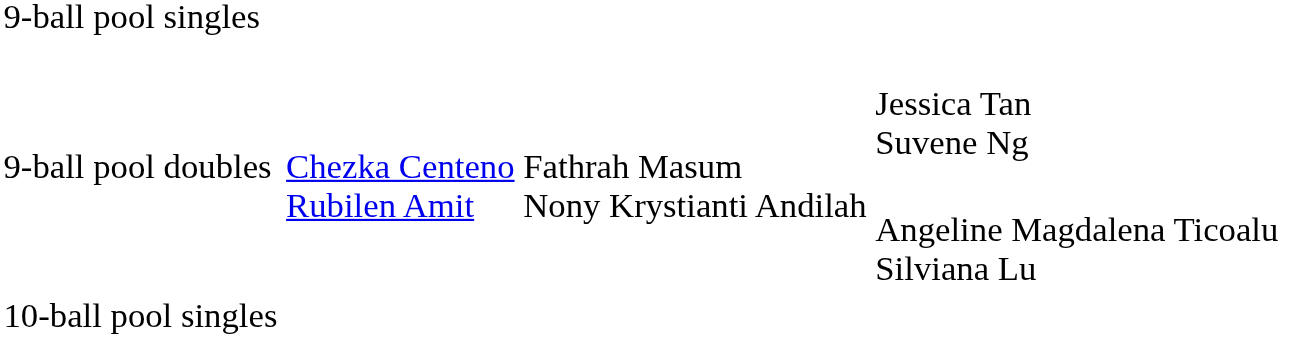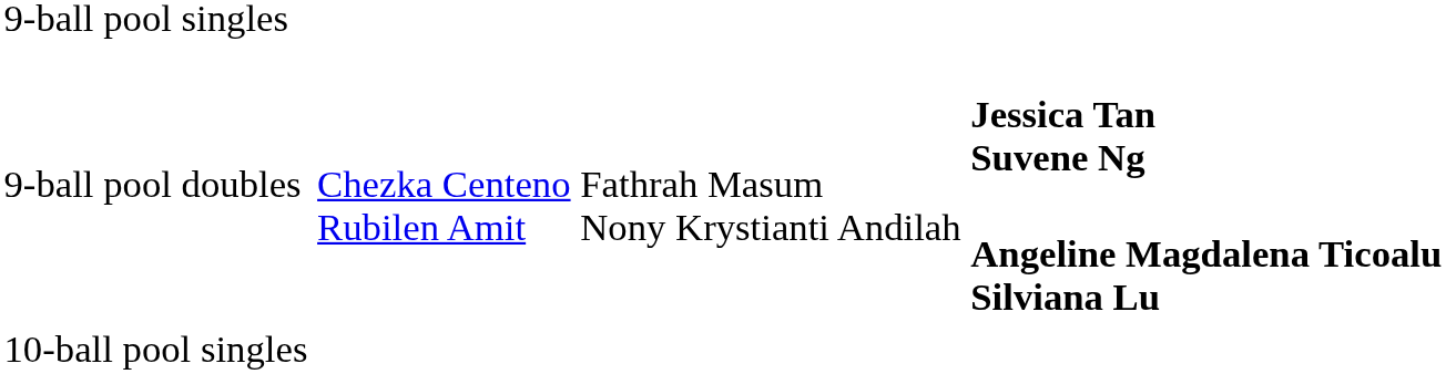 <table>
 <tr>
 <td rowspan=2>9-ball pool singles</td>
 <td rowspan=2></td>
 <td rowspan=2></td>
 <td></td>
 </tr>
 <tr>
 <td></td>
 </tr>
 <tr>
 <td rowspan=2>9-ball pool doubles</td>
 <td rowspan=2><br><a href='#'>Chezka Centeno</a><br><a href='#'>Rubilen Amit</a></td>
 <td rowspan=2><br>Fathrah Masum<br>Nony Krystianti Andilah</td>
-<td><br>Jessica Tan<br>Suvene Ng</td>
+<td><strong><br>Jessica Tan<br>Suvene Ng</strong></td>
 </tr>
 <tr>
-<td><br>Angeline Magdalena Ticoalu<br>Silviana Lu</td>
+<td><strong><br>Angeline Magdalena Ticoalu<br>Silviana Lu</strong></td>
 </tr>
 <tr>
 <td rowspan=2>10-ball pool singles</td>
 <td rowspan=2></td>
 <td rowspan=2></td>
 <td></td>
 </tr>
 <tr>
 <td></td>
 </tr>
 </table>
